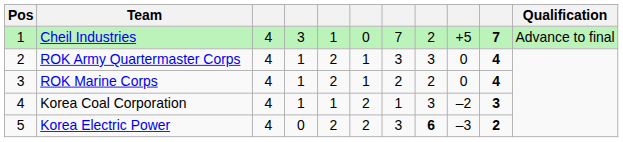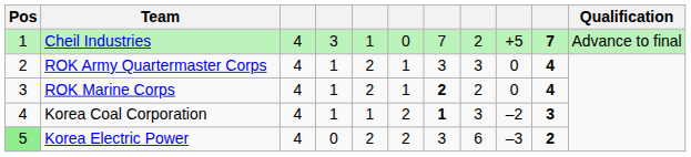 <table class="wikitable" style="text-align:center;">
 <tr>
 <th width=30>Pos</th>
 <th width=240>Team</th>
 <th width=30></th>
 <th width=30></th>
 <th width=30></th>
 <th width=30></th>
 <th width=30></th>
 <th width=30></th>
 <th width=30></th>
 <th width=30></th>
 <th>Qualification</th>
 </tr>
 <tr bgcolor=#BBF3BB>
 <td>1</td>
 <td align=left><a href='#'>Cheil Industries</a></td>
 <td>4</td>
 <td>3</td>
 <td>1</td>
 <td>0</td>
 <td>7</td>
 <td>2</td>
 <td>+5</td>
 <td><strong>7</strong></td>
 <td>Advance to final</td>
 </tr>
 <tr>
 <td>2</td>
 <td align=left><a href='#'>ROK Army Quartermaster Corps</a></td>
 <td>4</td>
 <td>1</td>
 <td>2</td>
 <td>1</td>
 <td>3</td>
 <td>3</td>
 <td>0</td>
 <td><strong>4</strong></td>
 <td rowspan=4></td>
 </tr>
 <tr>
 <td>3</td>
 <td align=left><a href='#'>ROK Marine Corps</a></td>
 <td>4</td>
 <td>1</td>
 <td>2</td>
 <td>1</td>
-<td>2</td>
+<td><strong>2</strong></td>
 <td>2</td>
 <td>0</td>
 <td><strong>4</strong></td>
 </tr>
 <tr>
 <td>4</td>
 <td align=left>Korea Coal Corporation</td>
 <td>4</td>
 <td>1</td>
 <td>1</td>
 <td>2</td>
-<td>1</td>
+<td><strong>1</strong></td>
 <td>3</td>
 <td>–2</td>
 <td><strong>3</strong></td>
 </tr>
 <tr>
-<td>5</td>
+<td style="background: lightgreen;">5</td>
 <td align=left><a href='#'>Korea Electric Power</a></td>
 <td>4</td>
 <td>0</td>
 <td>2</td>
 <td>2</td>
 <td>3</td>
-<td><strong>6</strong></td>
+<td>6</td>
 <td>–3</td>
 <td><strong>2</strong></td>
 </tr>
 </table>
